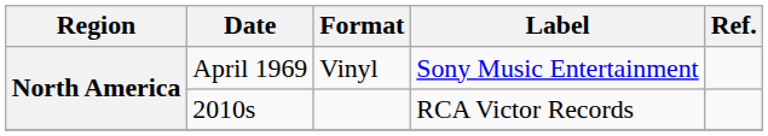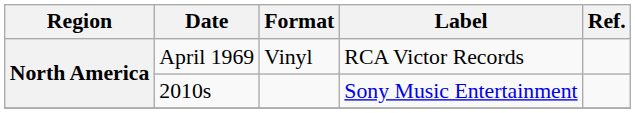 <table class="wikitable plainrowheaders">
 <tr>
 <th scope="col">Region</th>
 <th scope="col">Date</th>
 <th scope="col">Format</th>
 <th scope="col">Label</th>
 <th scope="col">Ref.</th>
 </tr>
 <tr>
 <th scope="row" rowspan="2">North America</th>
 <td>April 1969</td>
 <td>Vinyl</td>
-<td><a href='#'>Sony Music Entertainment</a></td>
+<td>RCA Victor Records</td>
 <td></td>
 </tr>
 <tr>
 <td>2010s</td>
 <td></td>
-<td>RCA Victor Records</td>
+<td><a href='#'>Sony Music Entertainment</a></td>
 <td></td>
 </tr>
 <tr>
 </tr>
 </table>
